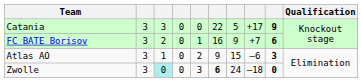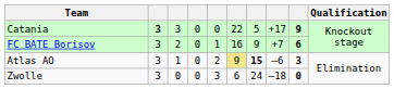 <table class="wikitable" style="text-align: center;">
 <tr>
 <th width="185">Team</th>
 <th width="20"></th>
 <th width="20"></th>
 <th width="20"></th>
 <th width="20"></th>
 <th width="20"></th>
 <th width="20"></th>
 <th width="20"></th>
 <th width="20"></th>
 <th width="20">Qualification</th>
 </tr>
 <tr bgcolor=#ccffcc>
 <td align=left> Catania</td>
-<td>3</td>
+<td><strong>3</strong></td>
 <td>3</td>
 <td>0</td>
 <td>0</td>
 <td>22</td>
 <td>5</td>
 <td>+17</td>
 <td><strong>9</strong></td>
 <td rowspan=2>Knockout stage</td>
 </tr>
 <tr bgcolor=#ccffcc>
 <td align=left> <a href='#'>FC BATE Borisov</a></td>
 <td>3</td>
 <td>2</td>
 <td>0</td>
 <td>1</td>
 <td>16</td>
 <td>9</td>
 <td>+7</td>
 <td><strong>6</strong></td>
 </tr>
 <tr>
 <td align=left> Atlas AO</td>
 <td>3</td>
 <td>1</td>
 <td>0</td>
 <td>2</td>
-<td>9</td>
-<td>15</td>
+<td style="background: khaki;">9</td>
+<td><strong>15</strong></td>
 <td>–6</td>
 <td><strong>3</strong></td>
 <td rowspan=2>Elimination</td>
 </tr>
 <tr>
 <td align=left> Zwolle</td>
 <td>3</td>
-<td style="background: paleturquoise;">0</td>
+<td>0</td>
 <td>0</td>
 <td>3</td>
-<td><strong>6</strong></td>
+<td>6</td>
 <td>24</td>
 <td>–18</td>
 <td><strong>0</strong></td>
 </tr>
 </table>
